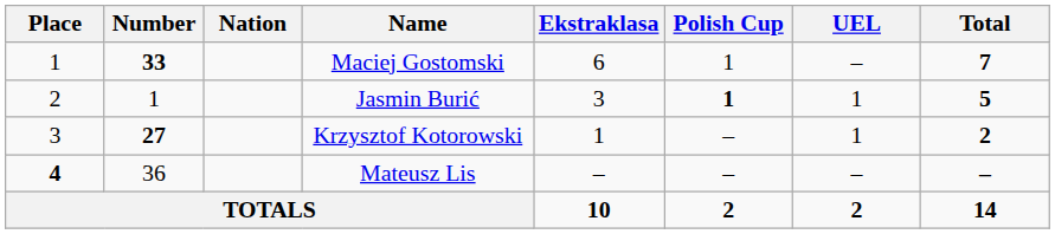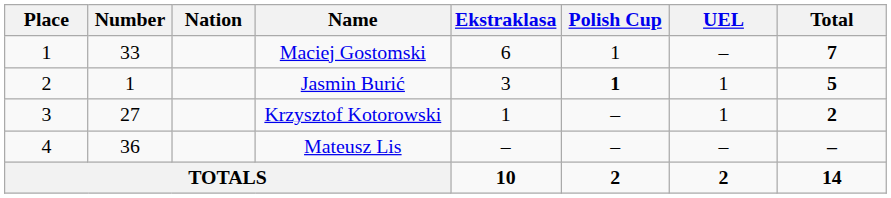 <table class="wikitable" style="font-size: 100%; text-align: center;">
 <tr>
 <th width=60>Place</th>
 <th width=60>Number</th>
 <th width=60>Nation</th>
 <th width=150>Name</th>
 <th width=80><a href='#'>Ekstraklasa</a></th>
 <th width=80><a href='#'>Polish Cup</a></th>
 <th width=80><a href='#'>UEL</a></th>
 <th width=80>Total</th>
 </tr>
 <tr>
 <td rowspan="1">1</td>
-<td><strong>33</strong></td>
+<td>33</td>
 <td></td>
 <td><a href='#'>Maciej Gostomski</a></td>
 <td>6</td>
 <td>1</td>
 <td>–</td>
 <td rowspan="1"><strong>7</strong></td>
 </tr>
 <tr>
 <td rowspan="1">2</td>
 <td>1</td>
 <td></td>
 <td><a href='#'>Jasmin Burić</a></td>
 <td>3</td>
 <td><strong>1</strong></td>
 <td>1</td>
 <td rowspan="1"><strong>5</strong></td>
 </tr>
 <tr>
 <td rowspan="1">3</td>
-<td><strong>27</strong></td>
+<td>27</td>
 <td></td>
 <td><a href='#'>Krzysztof Kotorowski</a></td>
 <td>1</td>
 <td>–</td>
 <td>1</td>
 <td rowspan="1"><strong>2</strong></td>
 </tr>
 <tr>
-<td rowspan="1"><strong>4</strong></td>
+<td rowspan="1">4</td>
 <td>36</td>
 <td></td>
 <td><a href='#'>Mateusz Lis</a></td>
 <td>–</td>
 <td>–</td>
 <td>–</td>
 <td><strong>–</strong></td>
 </tr>
 <tr>
 <th colspan="4">TOTALS</th>
 <td><strong>10</strong></td>
 <td><strong>2</strong></td>
 <td><strong>2</strong></td>
 <td><strong>14</strong></td>
 </tr>
 </table>
